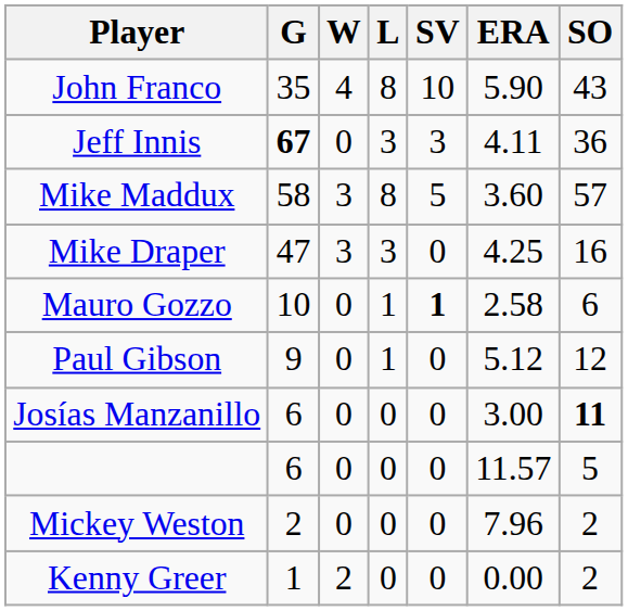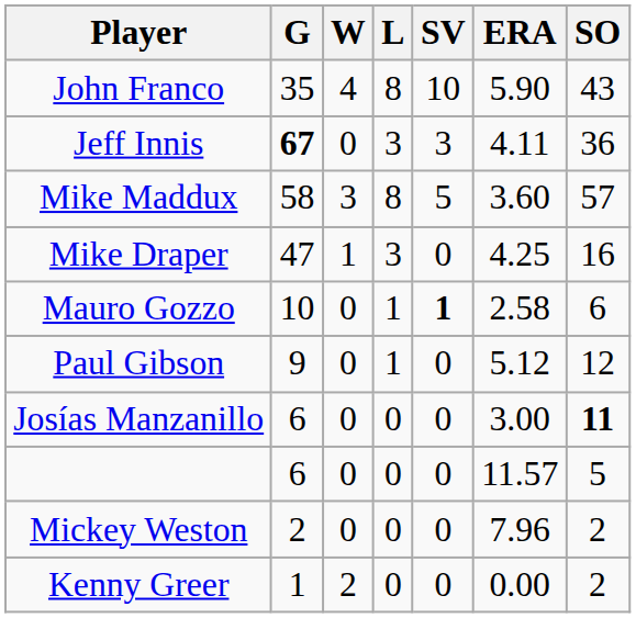 <table class="wikitable sortable">
 <tr>
 <th>Player</th>
 <th>G</th>
 <th>W</th>
 <th>L</th>
 <th>SV</th>
 <th>ERA</th>
 <th>SO</th>
 </tr>
 <tr align="center">
 <td><a href='#'>John Franco</a></td>
 <td>35</td>
 <td>4</td>
 <td>8</td>
 <td>10</td>
 <td>5.90</td>
 <td>43</td>
 </tr>
 <tr align=center>
 <td><a href='#'>Jeff Innis</a></td>
 <td><strong>67</strong></td>
 <td>0</td>
 <td>3</td>
 <td>3</td>
 <td>4.11</td>
 <td>36</td>
 </tr>
 <tr align=center>
 <td><a href='#'>Mike Maddux</a></td>
 <td>58</td>
 <td>3</td>
 <td>8</td>
 <td>5</td>
 <td>3.60</td>
 <td>57</td>
 </tr>
 <tr align=center>
 <td><a href='#'>Mike Draper</a></td>
 <td>47</td>
-<td>3</td>
+<td>1</td>
 <td>3</td>
 <td>0</td>
 <td>4.25</td>
 <td>16</td>
 </tr>
 <tr align=center>
 <td><a href='#'>Mauro Gozzo</a></td>
 <td>10</td>
 <td>0</td>
 <td>1</td>
 <td><strong>1</strong></td>
 <td>2.58</td>
 <td>6</td>
 </tr>
 <tr align=center>
 <td><a href='#'>Paul Gibson</a></td>
 <td>9</td>
 <td>0</td>
 <td>1</td>
 <td>0</td>
 <td>5.12</td>
 <td>12</td>
 </tr>
 <tr align=center>
 <td><a href='#'>Josías Manzanillo</a></td>
 <td>6</td>
 <td>0</td>
 <td>0</td>
 <td>0</td>
 <td>3.00</td>
 <td><strong>11</strong></td>
 </tr>
 <tr align=center>
 <td></td>
 <td>6</td>
 <td>0</td>
 <td>0</td>
 <td>0</td>
 <td>11.57</td>
 <td>5</td>
 </tr>
 <tr align="center">
 <td><a href='#'>Mickey Weston</a></td>
 <td>2</td>
 <td>0</td>
 <td>0</td>
 <td>0</td>
 <td>7.96</td>
 <td>2</td>
 </tr>
 <tr align=center>
 <td><a href='#'>Kenny Greer</a></td>
 <td>1</td>
 <td>2</td>
 <td>0</td>
 <td>0</td>
 <td>0.00</td>
 <td>2</td>
 </tr>
 </table>
